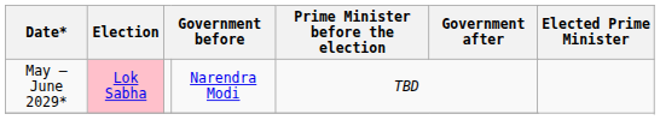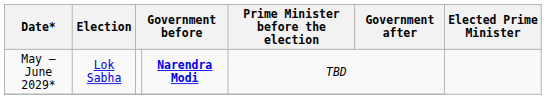 <table class="wikitable" style="text-align:center;">
 <tr>
 <th>Date*</th>
 <th>Election</th>
 <th colspan="2">Government before</th>
 <th>Prime Minister before the election</th>
 <th colspan="2">Government after</th>
 <th>Elected Prime Minister</th>
 </tr>
 <tr>
 <td>May – June 2029*</td>
-<td style="background: pink;"><a href='#'>Lok Sabha</a></td>
+<td><a href='#'>Lok Sabha</a></td>
 <td></td>
-<td><a href='#'>Narendra Modi</a></td>
+<td><strong><a href='#'>Narendra Modi</a></strong></td>
 <td colspan="3"><em>TBD</em></td>
 </tr>
 <tr>
 </tr>
 </table>
